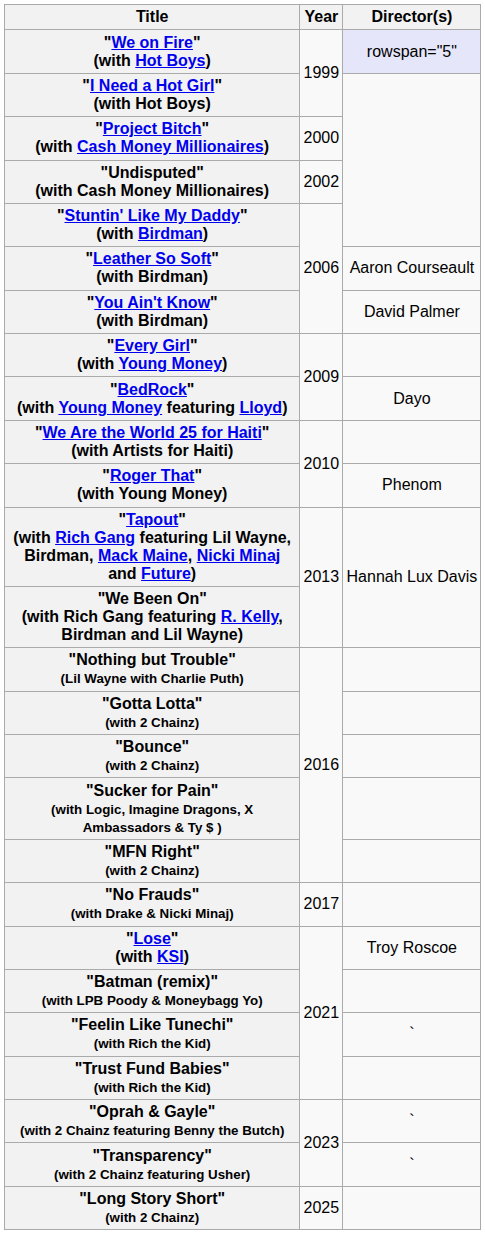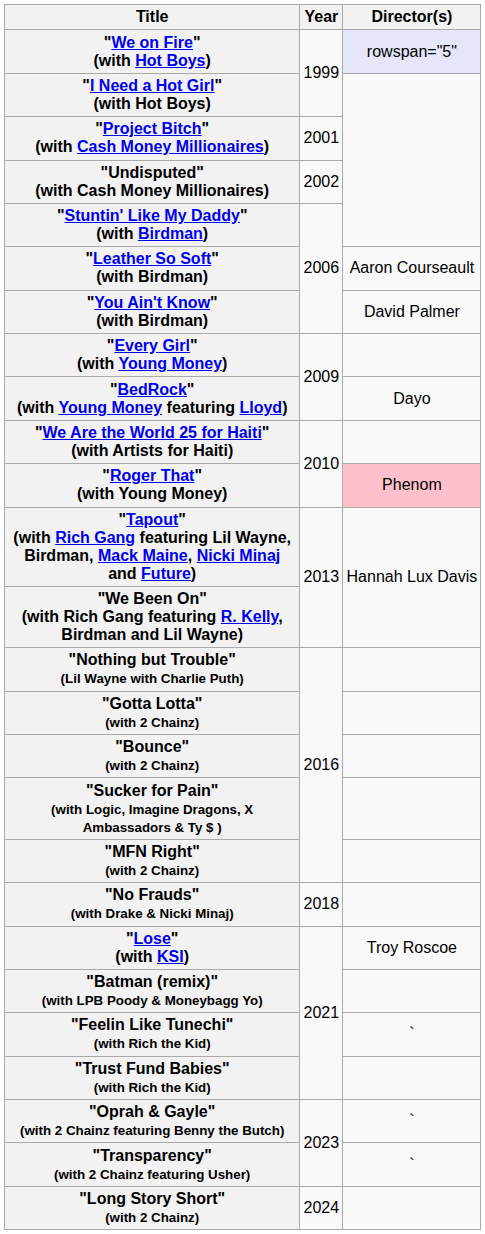 <table class="wikitable plainrowheaders" style="text-align:center;">
 <tr>
 <th scope="col" style="width:18em;">Title</th>
 <th scope="col">Year</th>
 <th scope="col">Director(s)</th>
 </tr>
 <tr>
 <th scope="row">"<a href='#'>We on Fire</a>"<br><span>(with <a href='#'>Hot Boys</a>)</span></th>
 <td rowspan="2">1999</td>
 <td style="background: lavender;">rowspan="5" </td>
 </tr>
 <tr>
 <th scope="row">"<a href='#'>I Need a Hot Girl</a>"<br><span>(with Hot Boys)</span></th>
 </tr>
 <tr>
 <th scope="row">"<a href='#'>Project Bitch</a>"<br><span>(with <a href='#'>Cash Money Millionaires</a>)</span></th>
-<td>2000</td>
+<td>2001</td>
 </tr>
 <tr>
 <th scope="row">"Undisputed"<br><span>(with Cash Money Millionaires)</span></th>
 <td>2002</td>
 </tr>
 <tr>
 <th scope="row">"<a href='#'>Stuntin' Like My Daddy</a>"<br><span>(with <a href='#'>Birdman</a>)</span></th>
 <td rowspan="3">2006</td>
 </tr>
 <tr>
 <th scope="row">"<a href='#'>Leather So Soft</a>"<br><span>(with Birdman)</span></th>
 <td>Aaron Courseault</td>
 </tr>
 <tr>
 <th scope="row">"<a href='#'>You Ain't Know</a>"<br><span>(with Birdman)</span></th>
 <td>David Palmer</td>
 </tr>
 <tr>
 <th scope="row">"<a href='#'>Every Girl</a>"<br><span>(with <a href='#'>Young Money</a>)</span></th>
 <td rowspan="2">2009</td>
 <td></td>
 </tr>
 <tr>
 <th scope="row">"<a href='#'>BedRock</a>"<br><span>(with <a href='#'>Young Money</a> featuring <a href='#'>Lloyd</a>)</span></th>
 <td>Dayo</td>
 </tr>
 <tr>
 <th scope="row">"<a href='#'>We Are the World 25 for Haiti</a>"<br><span>(with Artists for Haiti)</span></th>
 <td rowspan="2">2010</td>
 <td></td>
 </tr>
 <tr>
 <th scope="row">"<a href='#'>Roger That</a>"<br><span>(with Young Money)</span></th>
-<td>Phenom</td>
+<td style="background: pink;">Phenom</td>
 </tr>
 <tr>
 <th scope="row">"<a href='#'>Tapout</a>"<br><span>(with <a href='#'>Rich Gang</a> featuring Lil Wayne, Birdman, <a href='#'>Mack Maine</a>, <a href='#'>Nicki Minaj</a> and <a href='#'>Future</a>)</span></th>
 <td rowspan="2">2013</td>
 <td rowspan="2">Hannah Lux Davis</td>
 </tr>
 <tr>
 <th scope="row">"We Been On"<br><span>(with Rich Gang featuring <a href='#'>R. Kelly</a>, Birdman and Lil Wayne)</span></th>
 </tr>
 <tr>
 <th>"Nothing but Trouble"<br><small>(Lil Wayne with Charlie Puth)</small></th>
 <td rowspan="5">2016</td>
 <td></td>
 </tr>
 <tr>
 <th>"Gotta Lotta"<br><small>(with 2 Chainz)</small></th>
 <td></td>
 </tr>
 <tr>
 <th>"Bounce"<br><small>(with 2 Chainz)</small></th>
 <td></td>
 </tr>
 <tr>
 <th>"Sucker for Pain"<br><small>(with Logic, Imagine Dragons, X Ambassadors & Ty $ )</small></th>
 <td></td>
 </tr>
 <tr>
 <th>"MFN Right"<br><small>(with 2 Chainz)</small></th>
 <td></td>
 </tr>
 <tr>
 <th>"No Frauds"<br><small>(with Drake & Nicki Minaj)</small></th>
-<td>2017</td>
+<td>2018</td>
 <td></td>
 </tr>
 <tr>
 <th scope="row">"<a href='#'>Lose</a>"<br><span>(with <a href='#'>KSI</a>)</span></th>
 <td rowspan="4">2021</td>
 <td>Troy Roscoe</td>
 </tr>
 <tr>
 <th>"Batman (remix)"<br><small>(with LPB Poody & Moneybagg Yo)</small></th>
 <td></td>
 </tr>
 <tr>
 <th>"Feelin Like Tunechi"<br><small>(with Rich the Kid)</small></th>
 <td>`</td>
 </tr>
 <tr>
 <th>"Trust Fund Babies"<br><small>(with Rich the Kid)</small></th>
 <td></td>
 </tr>
 <tr>
 <th>"Oprah & Gayle"<br><small>(with 2 Chainz featuring Benny the Butch)</small></th>
 <td rowspan="2">2023</td>
 <td>`</td>
 </tr>
 <tr>
 <th>"Transparency"<br><small>(with 2 Chainz featuring Usher)</small></th>
 <td>`</td>
 </tr>
 <tr>
 <th>"Long Story Short"<br><small>(with 2 Chainz)</small></th>
-<td>2025</td>
+<td>2024</td>
 <td></td>
 </tr>
 </table>
